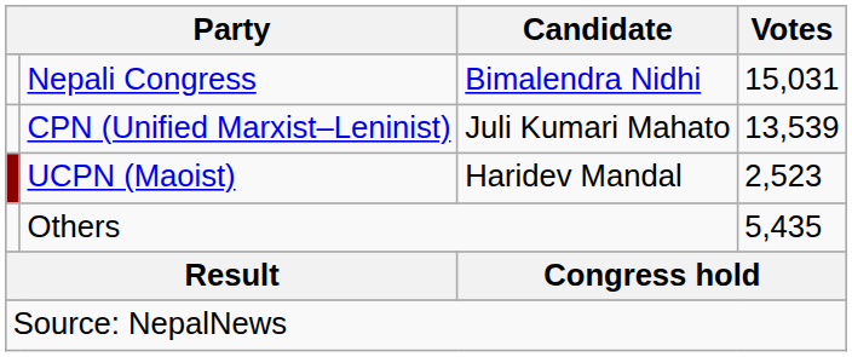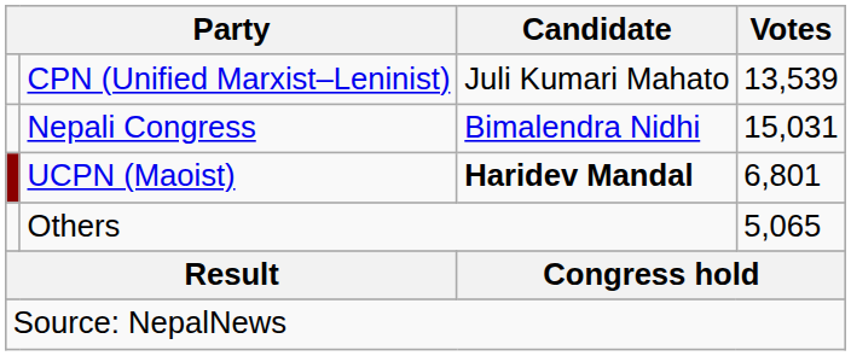 <table class="wikitable">
 <tr>
 <th colspan="2">Party</th>
 <th>Candidate</th>
 <th>Votes</th>
 </tr>
 <tr>
 <td style="background-color:"></td>
+<td><a href='#'>CPN (Unified Marxist–Leninist)</a></td>
+<td>Juli Kumari Mahato</td>
+<td>13,539</td>
+</tr>
+<tr>
+<td style="background-color:"></td>
 <td><a href='#'>Nepali Congress</a></td>
 <td><a href='#'>Bimalendra Nidhi</a></td>
 <td>15,031</td>
 </tr>
 <tr>
-<td style="background-color:"></td>
-<td><a href='#'>CPN (Unified Marxist–Leninist)</a></td>
-<td>Juli Kumari Mahato</td>
-<td>13,539</td>
-</tr>
-<tr>
 <td style="background-color:darkred"></td>
 <td><a href='#'>UCPN (Maoist)</a></td>
-<td>Haridev Mandal</td>
-<td>2,523</td>
+<td><strong>Haridev Mandal</strong></td>
+<td>6,801</td>
 </tr>
 <tr>
 <td></td>
 <td colspan="2">Others</td>
-<td>5,435</td>
+<td>5,065</td>
 </tr>
 <tr>
 <th colspan="2">Result</th>
 <th colspan="2">Congress hold</th>
 </tr>
 <tr>
 <td colspan="4">Source: NepalNews</td>
 </tr>
 </table>
